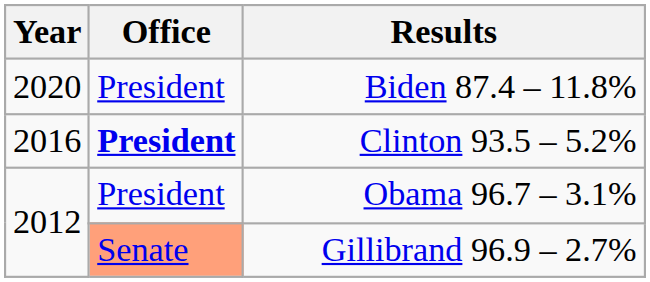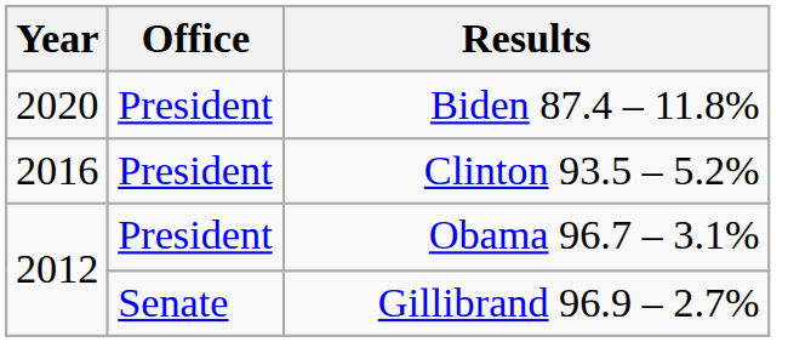 <table class=wikitable>
 <tr>
 <th width="30">Year</th>
 <th width="60">Office</th>
 <th width="180">Results</th>
 </tr>
 <tr>
 <td>2020</td>
 <td><a href='#'>President</a></td>
 <td align="right" ><a href='#'>Biden</a> 87.4 – 11.8%</td>
 </tr>
 <tr>
 <td>2016</td>
-<td><strong><a href='#'>President</a></strong></td>
+<td><a href='#'>President</a></td>
 <td align="right" ><a href='#'>Clinton</a> 93.5 – 5.2%</td>
 </tr>
 <tr>
 <td rowspan="2">2012</td>
 <td><a href='#'>President</a></td>
 <td align="right" ><a href='#'>Obama</a> 96.7 – 3.1%</td>
 </tr>
 <tr>
-<td style="background: lightsalmon;"><a href='#'>Senate</a></td>
+<td><a href='#'>Senate</a></td>
 <td align="right" ><a href='#'>Gillibrand</a> 96.9 – 2.7%</td>
 </tr>
 </table>
